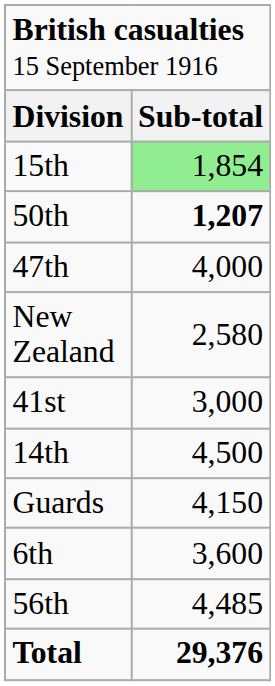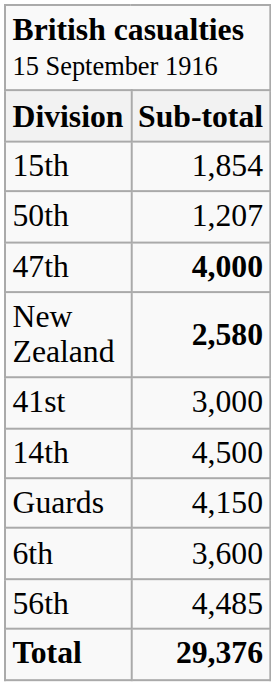 <table class="wikitable" align=right style="margin:0 0 1em 1em">
 <tr>
 <td colspan="4" style="text-align: centre;"><strong>British casualties</strong><br><small>15 September 1916</small></td>
 </tr>
 <tr>
 <th>Division</th>
 <th>Sub-total</th>
 </tr>
 <tr>
 <td>15th</td>
-<td align="right" style="background: lightgreen;">1,854</td>
+<td align="right">1,854</td>
 </tr>
 <tr>
 <td>50th</td>
-<td align="right"><strong>1,207</strong></td>
+<td align="right">1,207</td>
 </tr>
 <tr>
 <td>47th</td>
-<td align="right">4,000</td>
+<td align="right"><strong>4,000</strong></td>
 </tr>
 <tr>
 <td>New<br>Zealand</td>
-<td align="right">2,580</td>
+<td align="right"><strong>2,580</strong></td>
 </tr>
 <tr>
 <td>41st</td>
 <td align="right">3,000</td>
 </tr>
 <tr>
 <td>14th</td>
 <td align="right">4,500</td>
 </tr>
 <tr>
 <td>Guards</td>
 <td align="right">4,150</td>
 </tr>
 <tr>
 <td>6th</td>
 <td align="right">3,600</td>
 </tr>
 <tr>
 <td>56th</td>
 <td align="right">4,485</td>
 </tr>
 <tr>
 <td><strong>Total</strong></td>
 <td align="right"><strong>29,376</strong></td>
 </tr>
 </table>
